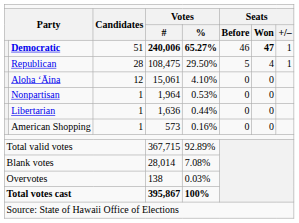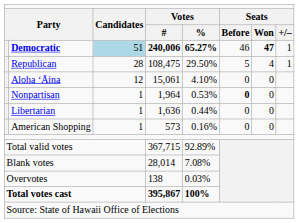 <table class="wikitable">
 <tr>
 <td colspan="13" align="center"></td>
 </tr>
 <tr>
 <th colspan="2" rowspan="3">Party</th>
 <th rowspan="3">Candidates</th>
 <th colspan="2">Votes</th>
 <th colspan="3" rowspan="2">Seats</th>
 </tr>
 <tr>
 <th rowspan="2">#</th>
 <th rowspan="2">%</th>
 </tr>
 <tr>
 <th>Before</th>
 <th>Won</th>
 <th>+/–</th>
 </tr>
 <tr>
 <th style="background-color:"></th>
 <td><a href='#'><strong>Democratic</strong></a></td>
-<td align="right">51</td>
+<td align="right" style="background: lightblue;">51</td>
 <td align="right"><strong>240,006</strong></td>
 <td align="right"><strong>65.27%</strong></td>
 <td align="right">46</td>
 <td align="right"><strong>47</strong></td>
 <td align="right"> 1</td>
 </tr>
 <tr>
 <th style="background-color:"></th>
 <td><a href='#'>Republican</a></td>
 <td align="right">28</td>
 <td align="right">108,475</td>
 <td align="right">29.50%</td>
 <td align="right">5</td>
 <td align="right">4</td>
 <td align="right"> 1</td>
 </tr>
 <tr>
 <th style="background-color:"></th>
 <td><a href='#'>Aloha ʻĀina</a></td>
 <td align="right">12</td>
 <td align="right">15,061</td>
 <td align="right">4.10%</td>
 <td align="right">0</td>
 <td align="right">0</td>
 <td align="right"></td>
 </tr>
 <tr>
 <th></th>
 <td><a href='#'>Nonpartisan</a></td>
 <td align="right">1</td>
 <td align="right">1,964</td>
 <td align="right">0.53%</td>
-<td align="right">0</td>
+<td align="right"><strong>0</strong></td>
 <td align="right">0</td>
 <td align="right"></td>
 </tr>
 <tr>
 <th style="background-color:"></th>
 <td><a href='#'>Libertarian</a></td>
 <td align="right">1</td>
 <td align="right">1,636</td>
 <td align="right">0.44%</td>
 <td align="right">0</td>
 <td align="right">0</td>
 <td align="right"></td>
 </tr>
 <tr>
 <th style="background-color:"></th>
 <td>American Shopping</td>
 <td align="right">1</td>
 <td align="right">573</td>
 <td align="right">0.16%</td>
 <td align="right">0</td>
 <td align="right">0</td>
 <td align="right"></td>
 </tr>
 <tr>
 <td colspan="8"></td>
 </tr>
 <tr>
 <td colspan="3">Total valid votes</td>
 <td>367,715</td>
 <td>92.89%</td>
 <th colspan=3 rowspan=4></th>
 </tr>
 <tr>
 <td colspan="3">Blank votes</td>
 <td>28,014</td>
 <td>7.08%</td>
 </tr>
 <tr>
 <td colspan="3">Overvotes</td>
 <td>138</td>
 <td>0.03%</td>
 </tr>
 <tr>
 <td colspan="3"><strong>Total votes cast</strong></td>
 <td><strong>395,867</strong></td>
 <td><strong>100%</strong></td>
 </tr>
 <tr>
 <td colspan="8">Source: State of Hawaii Office of Elections</td>
 </tr>
 </table>
